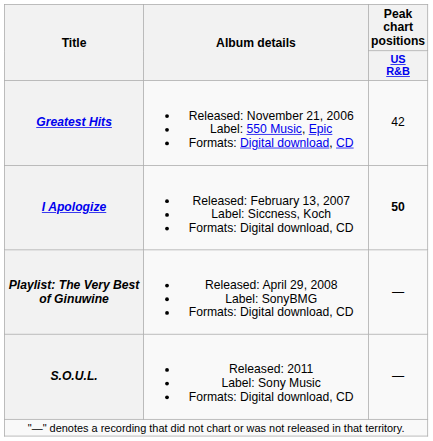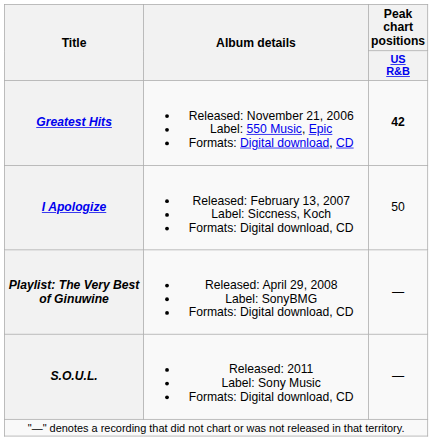 <table class="wikitable plainrowheaders" style="text-align:center;" border="1">
 <tr>
 <th scope="col" rowspan="2" style="width:11em;">Title</th>
 <th scope="col" rowspan="2" style="width:18em;">Album details</th>
 <th scope="col" colspan="1">Peak chart positions</th>
 </tr>
 <tr>
 <th scope="col" style="width:3em;font-size:90%;"><a href='#'>US <br>R&B</a><br></th>
 </tr>
 <tr>
 <th scope="row"><em><a href='#'>Greatest Hits</a></em></th>
 <td><br><ul><li>Released: November 21, 2006</li><li>Label: <a href='#'>550 Music</a>, <a href='#'>Epic</a></li><li>Formats: <a href='#'>Digital download</a>, <a href='#'>CD</a></li></ul></td>
-<td>42</td>
+<td><strong>42</strong></td>
 </tr>
 <tr>
 <th scope="row"><em><a href='#'>I Apologize</a></em></th>
 <td><br><ul><li>Released: February 13, 2007</li><li>Label: Siccness, Koch</li><li>Formats: Digital download, CD</li></ul></td>
-<td><strong>50</strong></td>
+<td>50</td>
 </tr>
 <tr>
 <th scope="row"><em>Playlist: The Very Best of Ginuwine</em></th>
 <td><br><ul><li>Released: April 29, 2008</li><li>Label: SonyBMG</li><li>Formats: Digital download, CD</li></ul></td>
 <td>—</td>
 </tr>
 <tr>
 <th scope="row"><em>S.O.U.L.</em></th>
 <td><br><ul><li>Released: 2011</li><li>Label: Sony Music</li><li>Formats: Digital download, CD</li></ul></td>
 <td>—</td>
 </tr>
 <tr>
 <td colspan="14" style="font-size:90%">"—" denotes a recording that did not chart or was not released in that territory.</td>
 </tr>
 </table>
